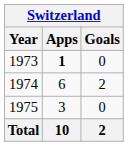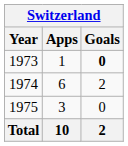 <table class="wikitable" style="text-align:center">
 <tr>
 <th colspan=3><a href='#'>Switzerland</a></th>
 </tr>
 <tr>
 <th>Year</th>
 <th>Apps</th>
 <th>Goals</th>
 </tr>
 <tr>
 <td>1973</td>
-<td><strong>1</strong></td>
-<td>0</td>
+<td>1</td>
+<td><strong>0</strong></td>
 </tr>
 <tr>
 <td>1974</td>
 <td>6</td>
 <td>2</td>
 </tr>
 <tr>
 <td>1975</td>
 <td>3</td>
 <td>0</td>
 </tr>
 <tr>
 <th>Total</th>
 <th>10</th>
 <th>2</th>
 </tr>
 </table>
